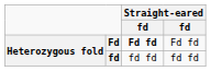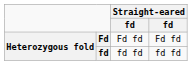 <table class="wikitable" style="text-align: center; ">
 <tr>
 <td colspan="2" rowspan="2"></td>
 <th colspan="2">Straight-eared</th>
 </tr>
 <tr>
 <th>fd</th>
 <th>fd</th>
 </tr>
 <tr>
 <th rowspan="2">Heterozygous fold</th>
 <th>Fd</th>
-<td><strong>Fd fd</strong></td>
+<td>Fd fd</td>
 <td>Fd fd</td>
 </tr>
 <tr>
 <th>fd</th>
 <td>fd fd</td>
 <td>fd fd</td>
 </tr>
 </table>
